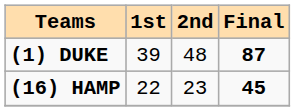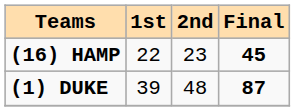 <table class="wikitable" align=right>
 <tr bgcolor=#ffdead align=center>
 <td colspan=1><strong>Teams</strong></td>
 <td colspan=1><strong>1st</strong></td>
 <td colspan=1><strong>2nd</strong></td>
 <td colspan=1><strong>Final</strong></td>
 </tr>
 <tr>
+<td><strong>(16) HAMP</strong></td>
+<td align=center>22</td>
+<td align=center>23</td>
+<td align=center><strong>45</strong></td>
+</tr>
+<tr>
 <td><strong>(1) DUKE</strong></td>
 <td align=center>39</td>
 <td align=center>48</td>
 <td align=center><strong>87</strong></td>
 </tr>
 <tr>
-<td><strong>(16) HAMP</strong></td>
-<td align=center>22</td>
-<td align=center>23</td>
-<td align=center><strong>45</strong></td>
-</tr>
-<tr>
 </tr>
 </table>
